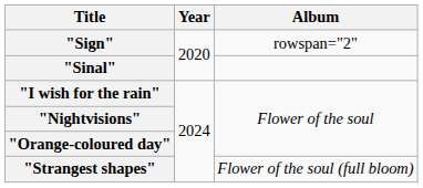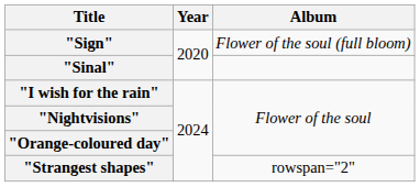 <table class="wikitable plainrowheaders" style="text-align:center;">
 <tr>
 <th scope="col">Title</th>
 <th scope="col">Year</th>
 <th scope="col">Album</th>
 </tr>
 <tr>
 <th scope="row">"Sign"</th>
 <td rowspan="2">2020</td>
-<td>rowspan="2" </td>
+<td><em>Flower of the soul (full bloom)</em></td>
 </tr>
 <tr>
 <th scope="row">"Sinal"</th>
 </tr>
 <tr>
 <th scope="row">"I wish for the rain"</th>
 <td rowspan="4">2024</td>
 <td rowspan="3"><em>Flower of the soul</em></td>
 </tr>
 <tr>
 <th scope="row">"Nightvisions"</th>
 </tr>
 <tr>
 <th scope="row">"Orange-coloured day"</th>
 </tr>
 <tr>
 <th scope="row">"Strangest shapes"</th>
-<td><em>Flower of the soul (full bloom)</em></td>
+<td>rowspan="2" </td>
 </tr>
 </table>
